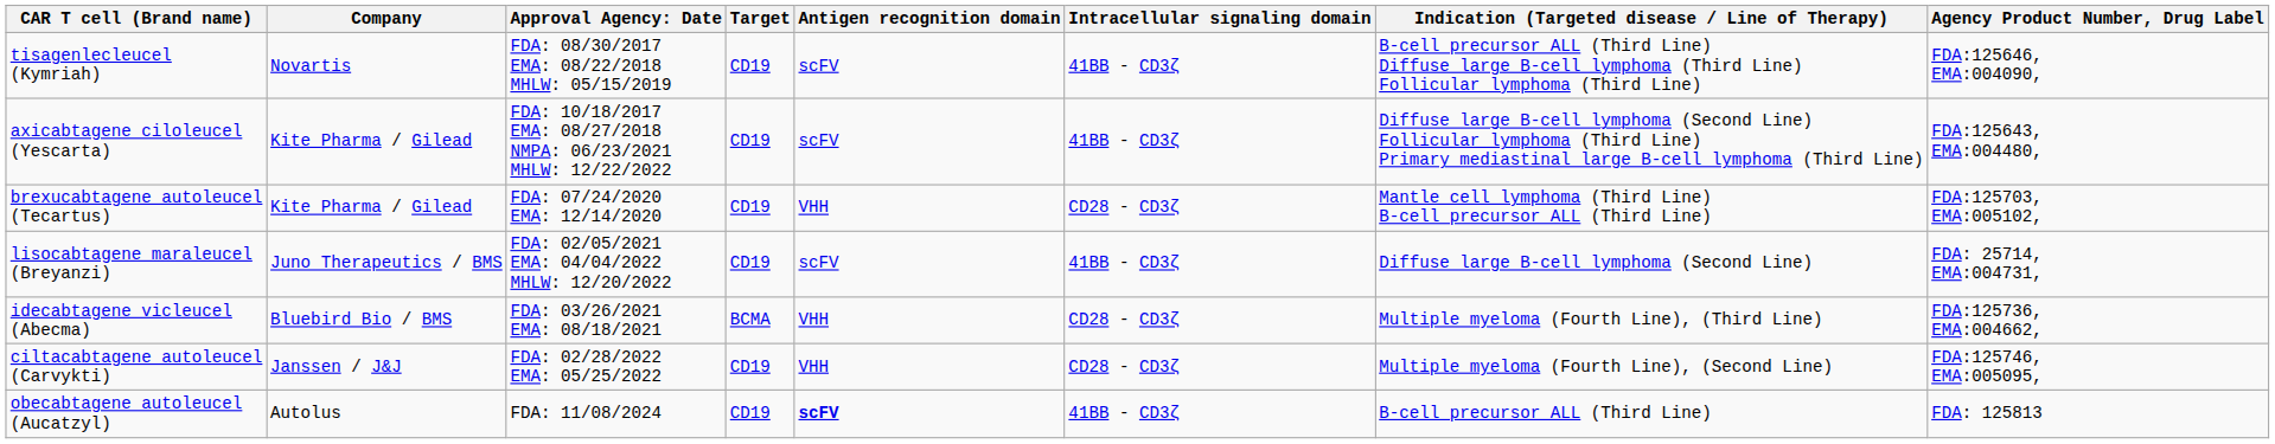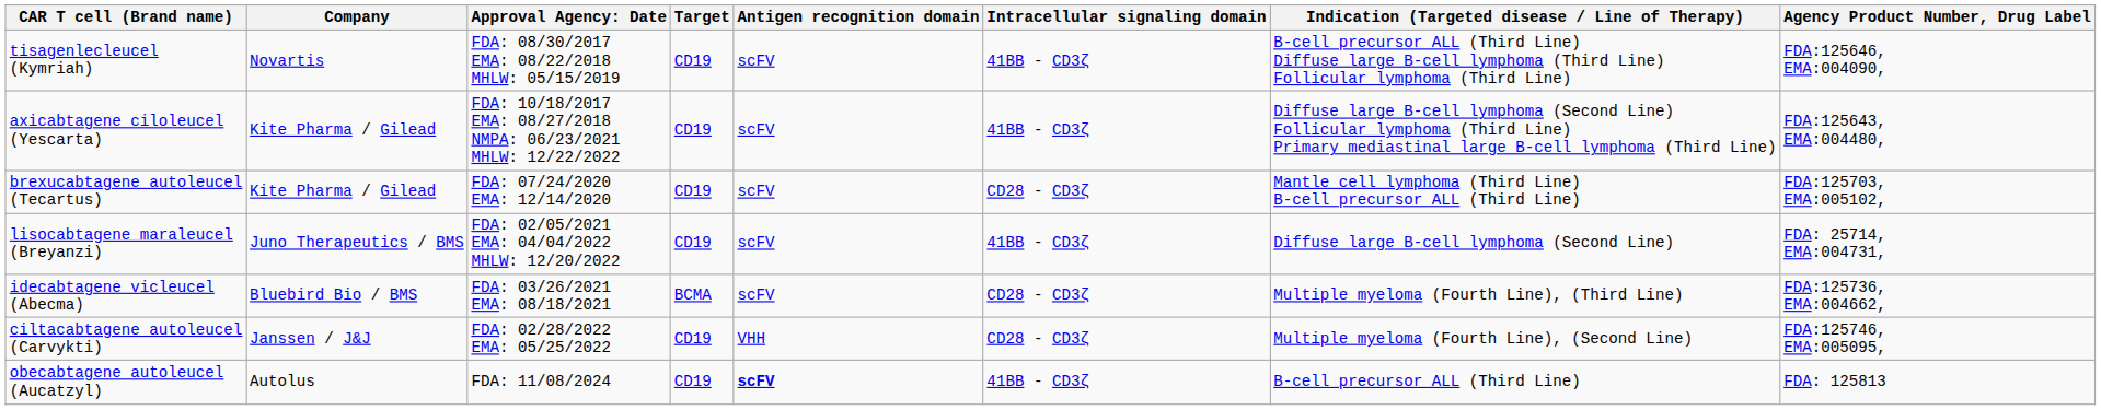 <table class="wikitable sortable" style="margin: 1em auto 1em auto">
 <tr>
 <th>CAR T cell (Brand name)</th>
 <th>Company</th>
 <th>Approval Agency: Date</th>
 <th>Target</th>
 <th>Antigen recognition domain</th>
 <th>Intracellular signaling domain</th>
 <th>Indication (Targeted disease / Line of Therapy)</th>
 <th>Agency Product Number, Drug Label</th>
 </tr>
 <tr>
 <td><a href='#'>tisagenlecleucel</a><br>(Kymriah)</td>
 <td><a href='#'>Novartis</a></td>
 <td><a href='#'>FDA</a>: 08/30/2017 <br><a href='#'>EMA</a>: 08/22/2018 <br><a href='#'>MHLW</a>: 05/15/2019 </td>
 <td><a href='#'>CD19</a></td>
 <td><a href='#'>scFV</a></td>
 <td><a href='#'>41BB</a> - <a href='#'>CD3ζ</a></td>
 <td><a href='#'>B-cell precursor ALL</a> (Third Line)<br><a href='#'>Diffuse large B-cell lymphoma</a> (Third Line) <br><a href='#'>Follicular lymphoma</a> (Third Line) </td>
 <td><a href='#'>FDA</a>:125646, <br><a href='#'>EMA</a>:004090, </td>
 </tr>
 <tr>
 <td><a href='#'>axicabtagene ciloleucel</a><br>(Yescarta)</td>
 <td><a href='#'>Kite Pharma</a> / <a href='#'>Gilead</a></td>
 <td><a href='#'>FDA</a>: 10/18/2017 <br><a href='#'>EMA</a>: 08/27/2018 <br><a href='#'>NMPA</a>: 06/23/2021 <br><a href='#'>MHLW</a>: 12/22/2022 </td>
 <td><a href='#'>CD19</a></td>
 <td><a href='#'>scFV</a></td>
 <td><a href='#'>41BB</a> - <a href='#'>CD3ζ</a></td>
 <td><a href='#'>Diffuse large B-cell lymphoma</a> (Second Line)<br><a href='#'>Follicular lymphoma</a> (Third Line)   <br><a href='#'>Primary mediastinal large B-cell lymphoma</a> (Third Line) </td>
 <td><a href='#'>FDA</a>:125643, <br><a href='#'>EMA</a>:004480, </td>
 </tr>
 <tr>
 <td><a href='#'>brexucabtagene autoleucel</a><br>(Tecartus)</td>
 <td><a href='#'>Kite Pharma</a> / <a href='#'>Gilead</a></td>
 <td><a href='#'>FDA</a>: 07/24/2020 <br><a href='#'>EMA</a>: 12/14/2020 </td>
 <td><a href='#'>CD19</a></td>
-<td><a href='#'>VHH</a></td>
+<td><a href='#'>scFV</a></td>
 <td><a href='#'>CD28</a> - <a href='#'>CD3ζ</a></td>
 <td><a href='#'>Mantle cell lymphoma</a> (Third Line) <br><a href='#'>B-cell precursor ALL</a> (Third Line)</td>
 <td><a href='#'>FDA</a>:125703, <br><a href='#'>EMA</a>:005102, </td>
 </tr>
 <tr>
 <td><a href='#'>lisocabtagene maraleucel</a><br>(Breyanzi)</td>
 <td><a href='#'>Juno Therapeutics</a> / <a href='#'>BMS</a></td>
 <td><a href='#'>FDA</a>: 02/05/2021<br><a href='#'>EMA</a>: 04/04/2022 <br><a href='#'>MHLW</a>: 12/20/2022 </td>
 <td><a href='#'>CD19</a></td>
 <td><a href='#'>scFV</a></td>
 <td><a href='#'>41BB</a> - <a href='#'>CD3ζ</a></td>
 <td><a href='#'>Diffuse large B-cell lymphoma</a> (Second Line)</td>
 <td><a href='#'>FDA</a>: 25714, <br><a href='#'>EMA</a>:004731, </td>
 </tr>
 <tr>
 <td><a href='#'>idecabtagene vicleucel</a><br>(Abecma)</td>
 <td><a href='#'>Bluebird Bio</a> / <a href='#'>BMS</a></td>
 <td><a href='#'>FDA</a>: 03/26/2021 <br><a href='#'>EMA</a>: 08/18/2021 </td>
 <td><a href='#'>BCMA</a></td>
-<td><a href='#'>VHH</a></td>
+<td><a href='#'>scFV</a></td>
 <td><a href='#'>CD28</a> - <a href='#'>CD3ζ</a></td>
 <td><a href='#'>Multiple myeloma</a> (Fourth Line), (Third Line)</td>
 <td><a href='#'>FDA</a>:125736, <br><a href='#'>EMA</a>:004662, </td>
 </tr>
 <tr>
 <td><a href='#'>ciltacabtagene autoleucel</a><br>(Carvykti)</td>
 <td><a href='#'>Janssen</a> / <a href='#'>J&J</a></td>
 <td><a href='#'>FDA</a>: 02/28/2022 <br><a href='#'>EMA</a>: 05/25/2022 </td>
 <td><a href='#'>CD19</a></td>
 <td><a href='#'>VHH</a></td>
 <td><a href='#'>CD28</a> - <a href='#'>CD3ζ</a></td>
 <td><a href='#'>Multiple myeloma</a> (Fourth Line), (Second Line)</td>
 <td><a href='#'>FDA</a>:125746, <br><a href='#'>EMA</a>:005095, </td>
 </tr>
 <tr>
 <td><a href='#'>obecabtagene autoleucel</a><br>(Aucatzyl)</td>
 <td>Autolus</td>
 <td>FDA: 11/08/2024</td>
 <td><a href='#'>CD19</a></td>
 <td><strong><a href='#'>scFV</a></strong></td>
 <td><a href='#'>41BB</a> - <a href='#'>CD3ζ</a></td>
 <td><a href='#'>B-cell precursor ALL</a> (Third Line)</td>
 <td><a href='#'>FDA</a>: 125813 </td>
 </tr>
 </table>
